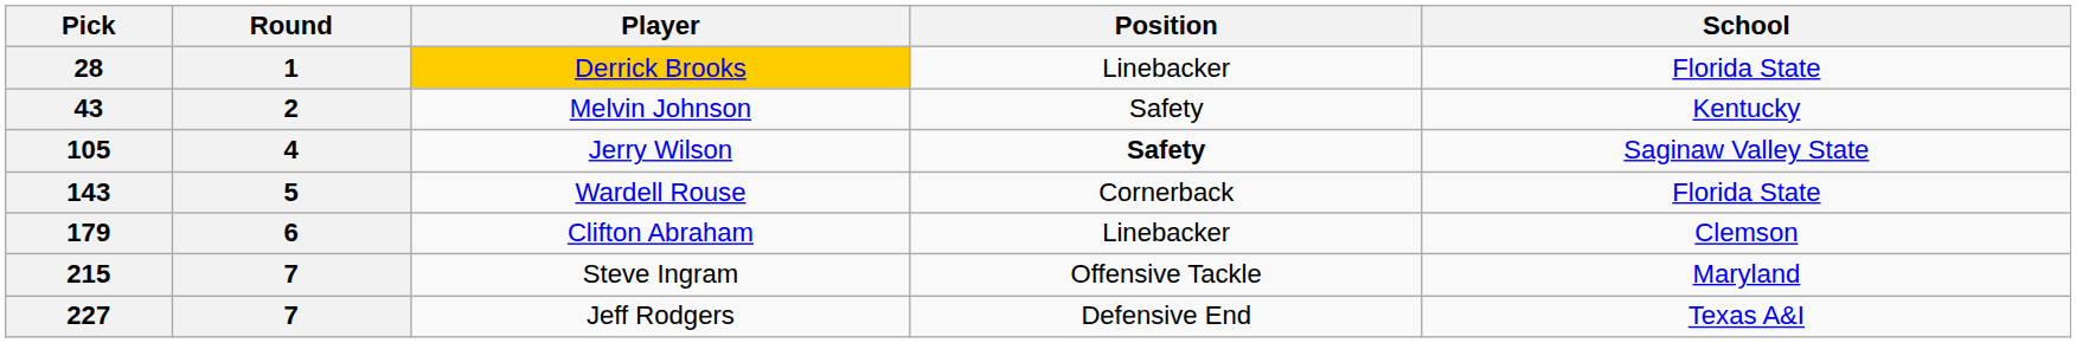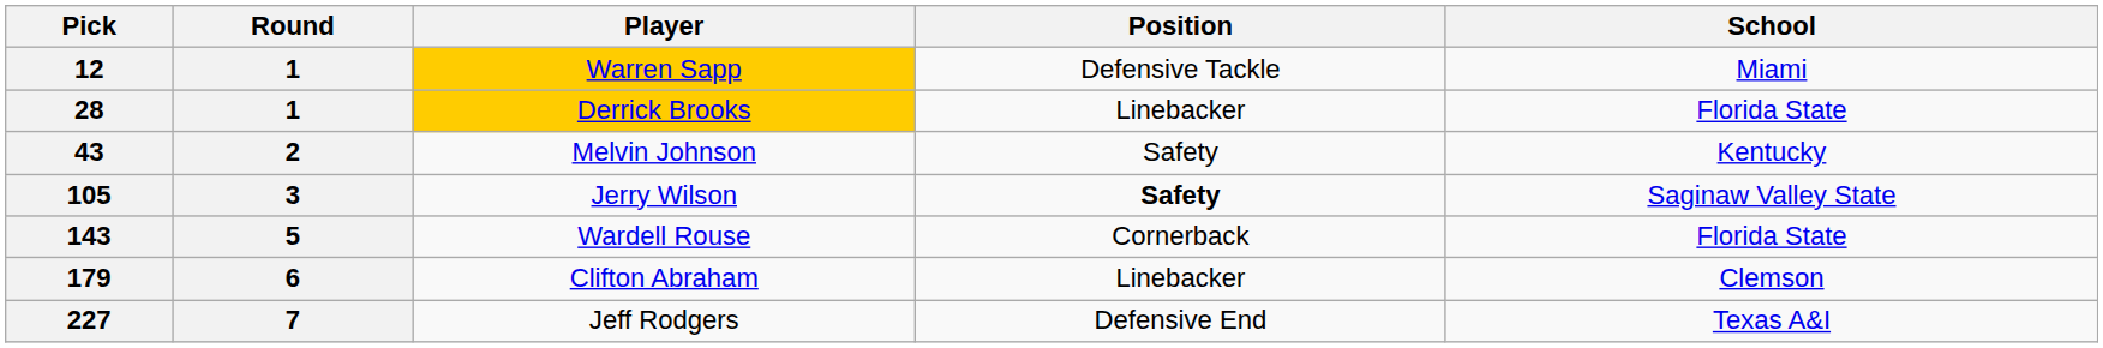 <table class="wikitable sortable sortable" style="width: 100%;text-align:center">
 <tr>
 <th>Pick</th>
 <th>Round</th>
 <th>Player</th>
 <th>Position</th>
 <th>School</th>
+</tr>
+<tr>
+<th>12</th>
+<th>1</th>
+<td style="background:#fc0;"><a href='#'>Warren Sapp</a></td>
+<td>Defensive Tackle</td>
+<td><a href='#'>Miami</a></td>
 </tr>
 <tr>
 <th>28</th>
 <th>1</th>
 <td style="background:#fc0;"><a href='#'>Derrick Brooks</a></td>
 <td>Linebacker</td>
 <td><a href='#'>Florida State</a></td>
 </tr>
 <tr>
 <th>43</th>
 <th>2</th>
 <td><a href='#'>Melvin Johnson</a></td>
 <td Safety>Safety</td>
 <td><a href='#'>Kentucky</a></td>
 </tr>
 <tr>
 <th>105</th>
-<th>4</th>
+<th>3</th>
 <td><a href='#'>Jerry Wilson</a></td>
 <td><strong>Safety</strong></td>
 <td><a href='#'>Saginaw Valley State</a></td>
 </tr>
 <tr>
 <th>143</th>
 <th>5</th>
 <td><a href='#'>Wardell Rouse</a></td>
 <td>Cornerback</td>
 <td><a href='#'>Florida State</a></td>
 </tr>
 <tr>
 <th>179</th>
 <th>6</th>
 <td><a href='#'>Clifton Abraham</a></td>
 <td>Linebacker</td>
 <td><a href='#'>Clemson</a></td>
 </tr>
 <tr>
-<th>215</th>
-<th>7</th>
-<td>Steve Ingram</td>
-<td>Offensive Tackle</td>
-<td><a href='#'>Maryland</a></td>
-</tr>
-<tr>
 <th>227</th>
 <th>7</th>
 <td>Jeff Rodgers</td>
 <td>Defensive End</td>
 <td><a href='#'>Texas A&I</a></td>
 </tr>
 </table>
